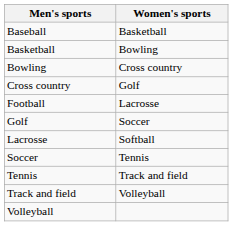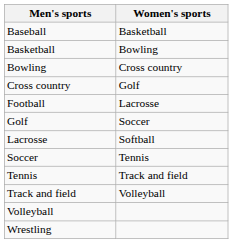 <table class="wikitable"; style= "text-align: ">
 <tr>
 <th width=150px>Men's sports</th>
 <th width=150px>Women's sports</th>
 </tr>
 <tr>
 <td>Baseball</td>
 <td>Basketball</td>
 </tr>
 <tr>
 <td>Basketball</td>
 <td>Bowling</td>
 </tr>
 <tr>
 <td>Bowling</td>
 <td>Cross country</td>
 </tr>
 <tr>
 <td>Cross country</td>
 <td>Golf</td>
 </tr>
 <tr>
 <td>Football</td>
 <td>Lacrosse</td>
 </tr>
 <tr>
 <td>Golf</td>
 <td>Soccer</td>
 </tr>
 <tr>
 <td>Lacrosse</td>
 <td>Softball</td>
 </tr>
 <tr>
 <td>Soccer</td>
 <td>Tennis</td>
 </tr>
 <tr>
 <td>Tennis</td>
 <td>Track and field</td>
 </tr>
 <tr>
 <td>Track and field</td>
 <td>Volleyball</td>
 </tr>
 <tr>
 <td>Volleyball</td>
 <td></td>
 </tr>
+<tr>
+<td>Wrestling</td>
+<td></td>
+</tr>
 </table>
